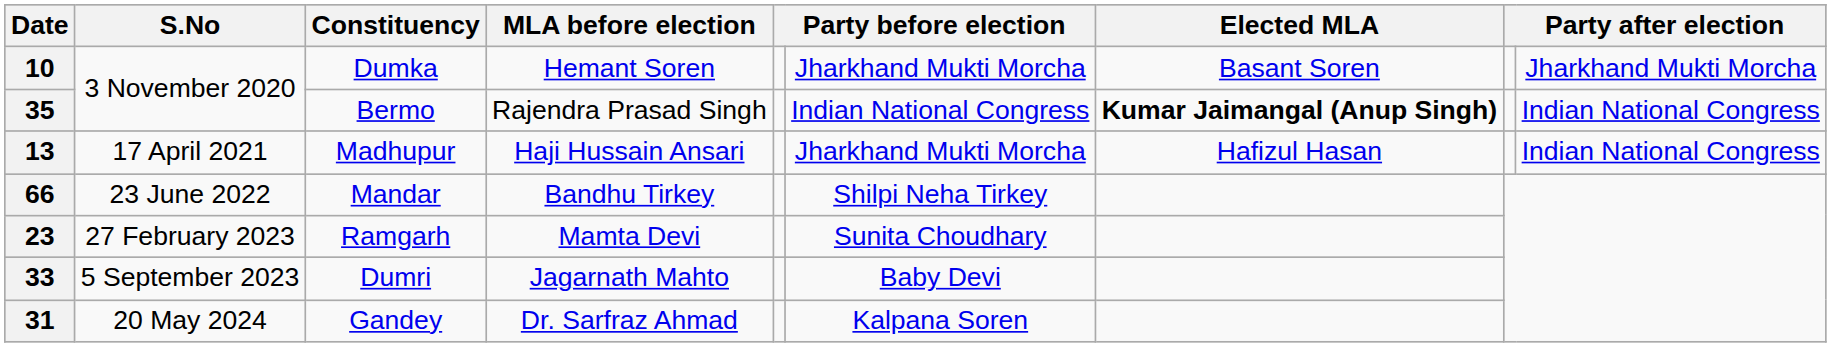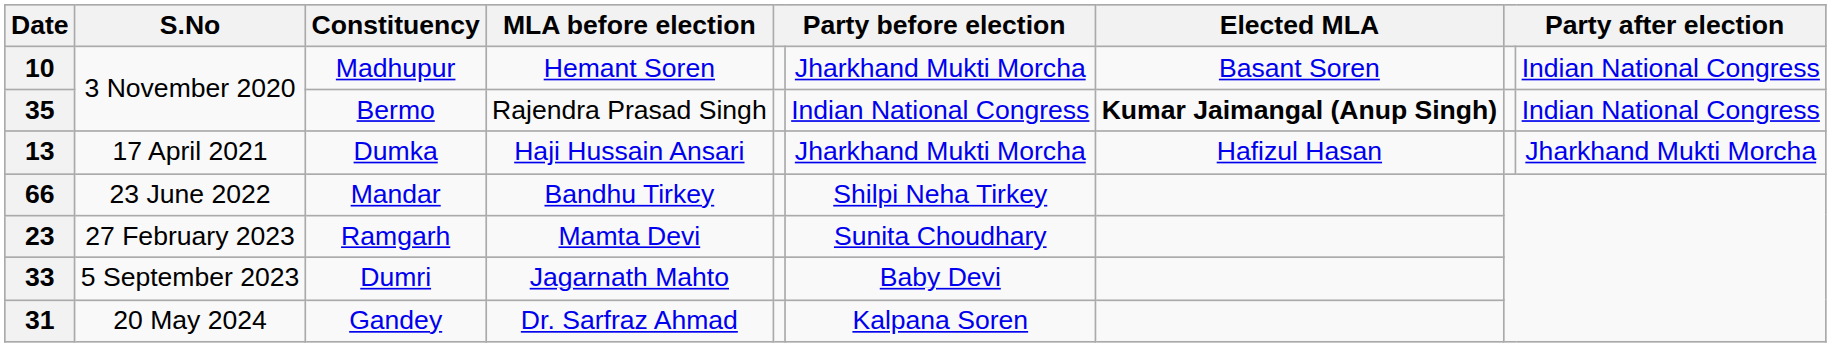 <table class="wikitable sortable" style="text-align:center;">
 <tr>
 <th>Date</th>
 <th>S.No</th>
 <th>Constituency</th>
 <th>MLA before election</th>
 <th colspan="2">Party before election</th>
 <th>Elected MLA</th>
 <th colspan="2">Party after election</th>
 </tr>
 <tr>
 <th>10</th>
 <td rowspan="2">3 November 2020</td>
-<td><a href='#'>Dumka</a></td>
+<td><a href='#'>Madhupur</a></td>
 <td><a href='#'>Hemant Soren</a></td>
 <td></td>
 <td><a href='#'>Jharkhand Mukti Morcha</a></td>
 <td><a href='#'>Basant Soren</a></td>
 <td></td>
-<td><a href='#'>Jharkhand Mukti Morcha</a></td>
+<td><a href='#'>Indian National Congress</a></td>
 </tr>
 <tr>
 <th>35</th>
 <td><a href='#'>Bermo</a></td>
 <td>Rajendra Prasad Singh</td>
 <td></td>
 <td><a href='#'>Indian National Congress</a></td>
 <td><strong>Kumar Jaimangal (Anup Singh)</strong></td>
 <td></td>
 <td><a href='#'>Indian National Congress</a></td>
 </tr>
 <tr>
 <th>13</th>
 <td>17 April 2021</td>
-<td><a href='#'>Madhupur</a></td>
+<td><a href='#'>Dumka</a></td>
 <td><a href='#'>Haji Hussain Ansari</a></td>
 <td></td>
 <td><a href='#'>Jharkhand Mukti Morcha</a></td>
 <td><a href='#'>Hafizul Hasan</a></td>
 <td></td>
-<td><a href='#'>Indian National Congress</a></td>
+<td><a href='#'>Jharkhand Mukti Morcha</a></td>
 </tr>
 <tr>
 <th>66</th>
 <td>23 June 2022</td>
 <td><a href='#'>Mandar</a></td>
 <td><a href='#'>Bandhu Tirkey</a></td>
 <td></td>
 <td><a href='#'>Shilpi Neha Tirkey</a></td>
 <td></td>
 </tr>
 <tr>
 <th>23</th>
 <td>27 February 2023</td>
 <td><a href='#'>Ramgarh</a></td>
 <td><a href='#'>Mamta Devi</a></td>
 <td></td>
 <td><a href='#'>Sunita Choudhary</a></td>
 <td></td>
 </tr>
 <tr>
 <th>33</th>
 <td>5 September 2023</td>
 <td><a href='#'>Dumri</a></td>
 <td><a href='#'>Jagarnath Mahto</a></td>
 <td></td>
 <td><a href='#'>Baby Devi</a></td>
 <td></td>
 </tr>
 <tr>
 <th>31</th>
 <td>20 May 2024</td>
 <td><a href='#'>Gandey</a></td>
 <td><a href='#'>Dr. Sarfraz Ahmad</a></td>
 <td></td>
 <td><a href='#'>Kalpana Soren</a></td>
 <td></td>
 </tr>
 </table>
